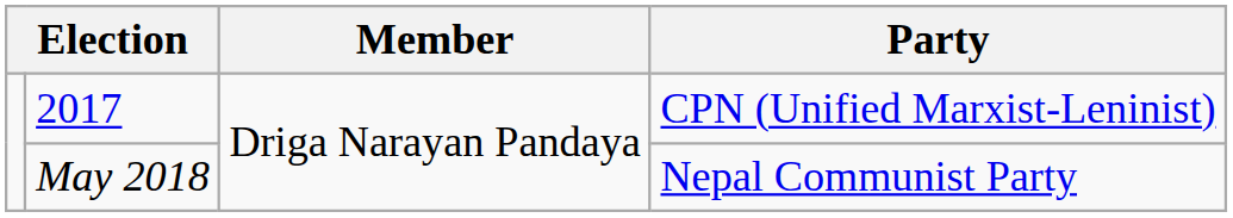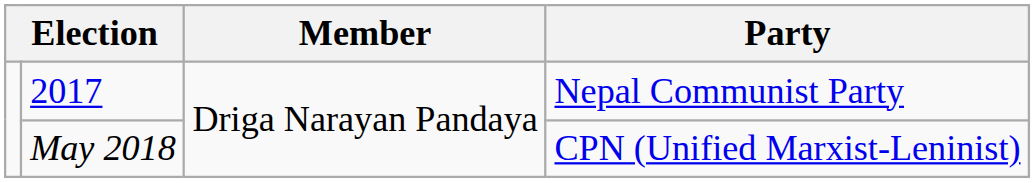 <table class="wikitable">
 <tr>
 <th colspan="2">Election</th>
 <th>Member</th>
 <th>Party</th>
 </tr>
 <tr>
 <td rowspan="2" style="background-color:"></td>
 <td><a href='#'>2017</a></td>
 <td rowspan="2">Driga Narayan Pandaya</td>
-<td><a href='#'>CPN (Unified Marxist-Leninist)</a></td>
+<td><a href='#'>Nepal Communist Party</a></td>
 </tr>
 <tr>
 <td><em>May 2018</em></td>
-<td><a href='#'>Nepal Communist Party</a></td>
+<td><a href='#'>CPN (Unified Marxist-Leninist)</a></td>
 </tr>
 </table>
